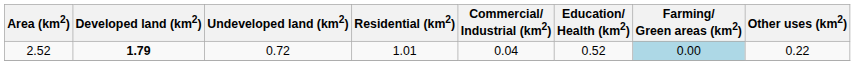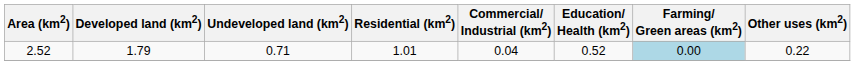 <table class="wikitable" style="text-align: center;">
 <tr>
 <th>Area (km<sup>2</sup>)</th>
 <th>Developed land (km<sup>2</sup>)</th>
 <th>Undeveloped land (km<sup>2</sup>)</th>
 <th>Residential (km<sup>2</sup>)</th>
 <th>Commercial/<br> Industrial (km<sup>2</sup>)</th>
 <th>Education/<br> Health (km<sup>2</sup>)</th>
 <th>Farming/<br> Green areas (km<sup>2</sup>)</th>
 <th>Other uses (km<sup>2</sup>)</th>
 </tr>
 <tr>
 <td>2.52</td>
-<td><strong>1.79</strong></td>
-<td>0.72</td>
+<td>1.79</td>
+<td>0.71</td>
 <td>1.01</td>
 <td>0.04</td>
 <td>0.52</td>
 <td style="background: lightblue;">0.00</td>
 <td>0.22</td>
 </tr>
 <tr>
 </tr>
 </table>
